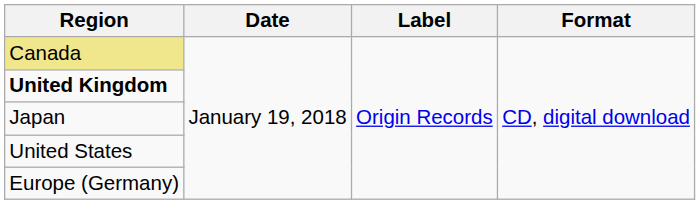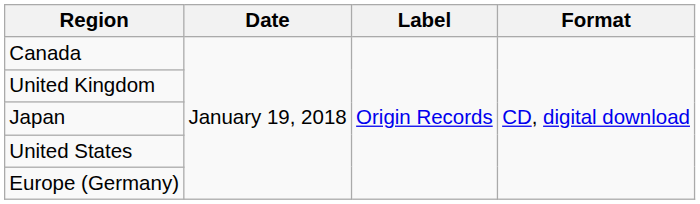 <table class="wikitable">
 <tr>
 <th>Region</th>
 <th>Date</th>
 <th>Label</th>
 <th>Format</th>
 </tr>
 <tr>
-<td style="background: khaki;">Canada</td>
+<td>Canada</td>
 <td rowspan="5">January 19, 2018</td>
 <td rowspan="5"><a href='#'>Origin Records</a></td>
 <td rowspan="5"><a href='#'>CD</a>, <a href='#'>digital download</a></td>
 </tr>
 <tr>
-<td><strong>United Kingdom</strong></td>
+<td>United Kingdom</td>
 </tr>
 <tr>
 <td>Japan</td>
 </tr>
 <tr>
 <td>United States</td>
 </tr>
 <tr>
 <td>Europe (Germany)</td>
 </tr>
 </table>
